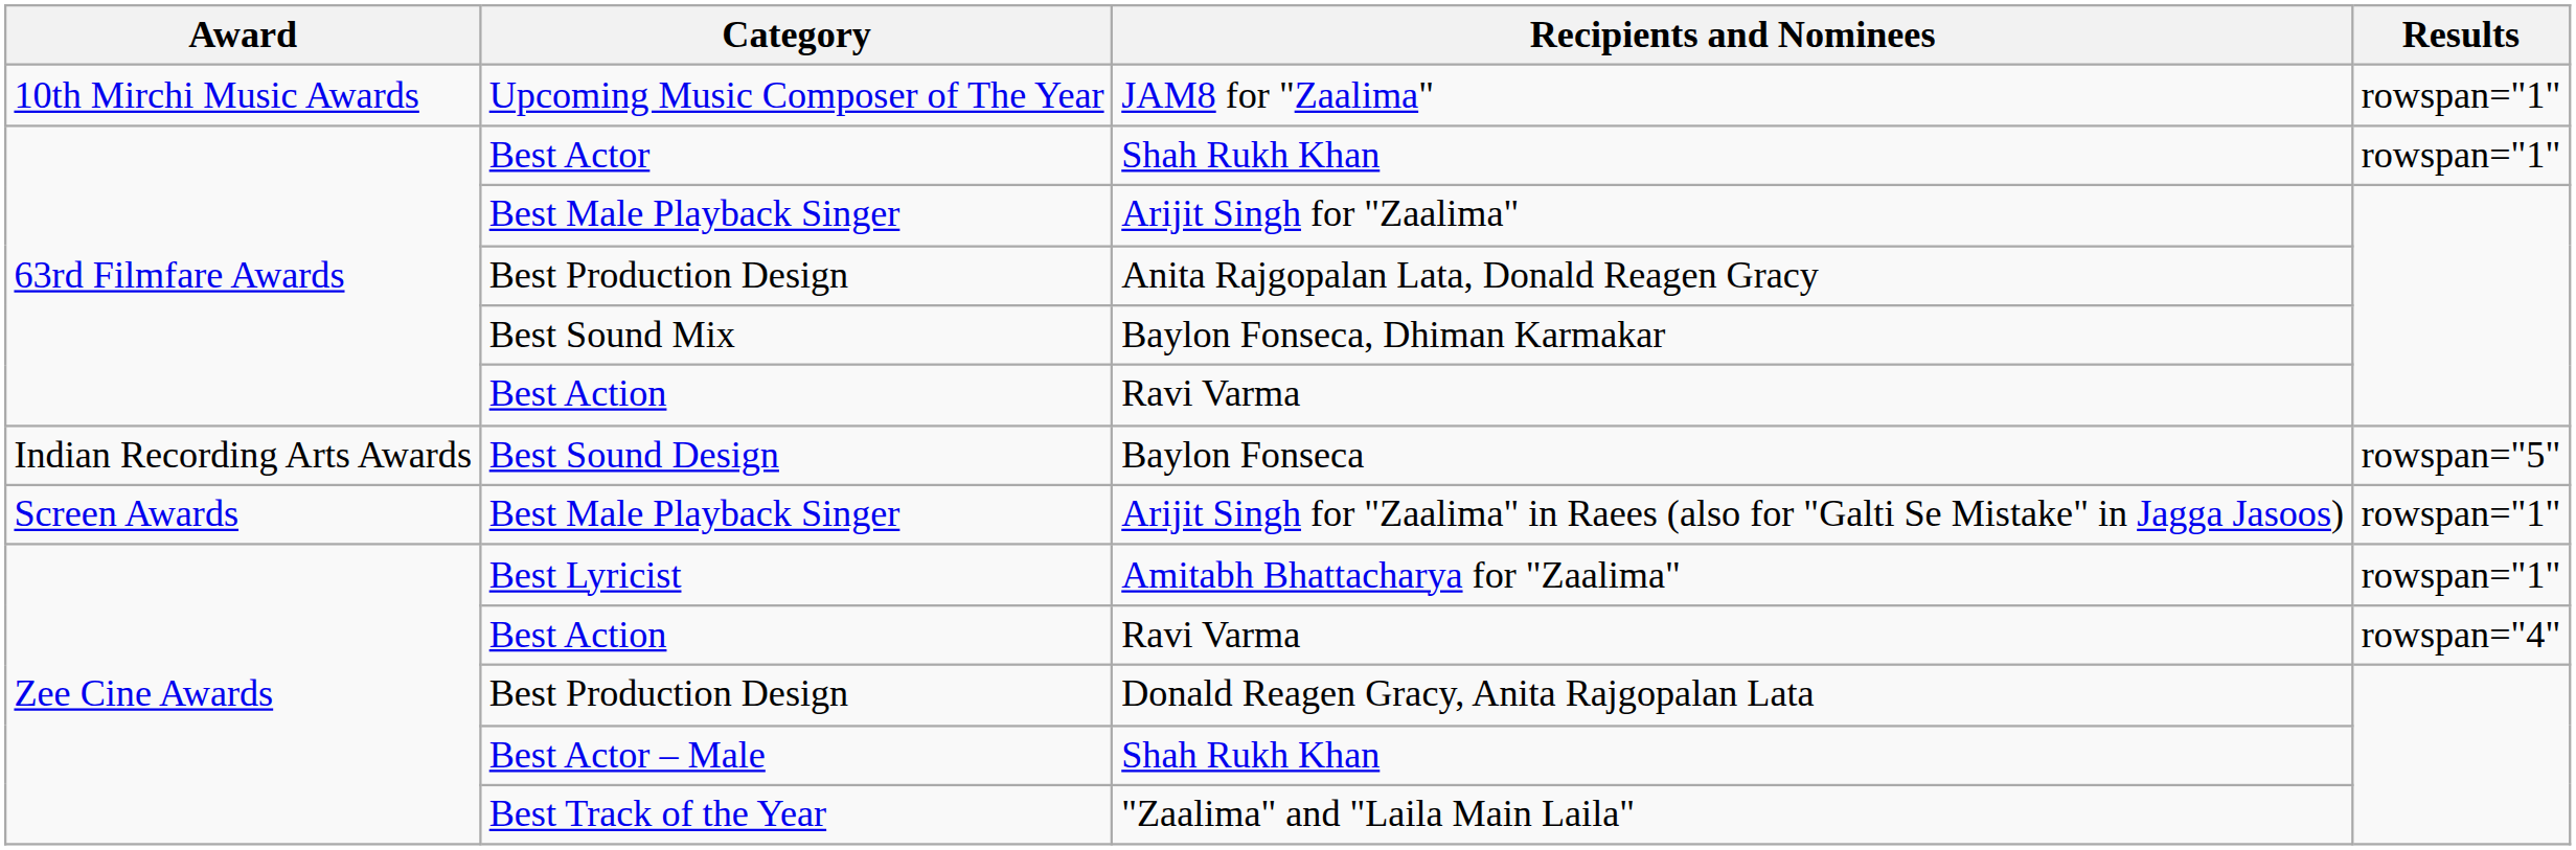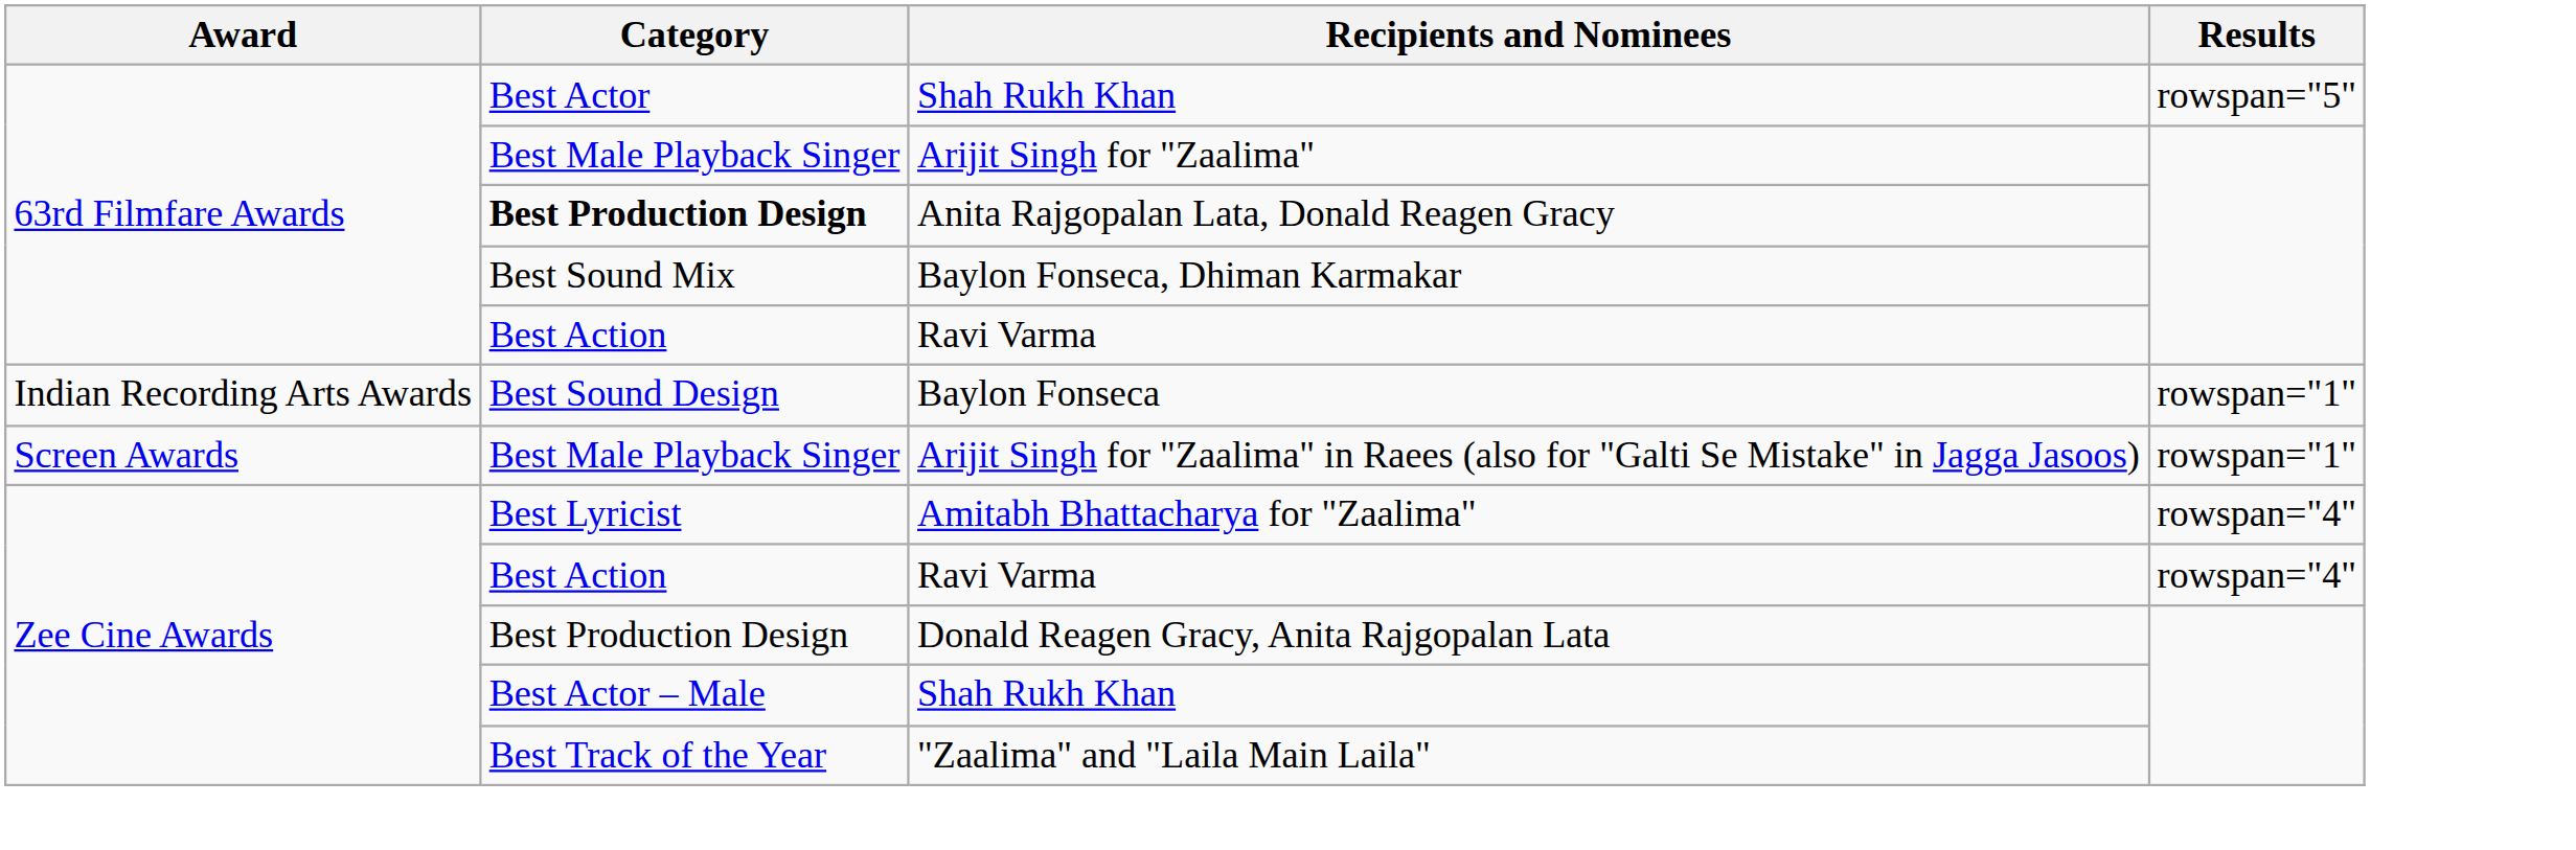 <table class="wikitable plainrowheaders sortable">
 <tr>
 <th>Award</th>
 <th>Category</th>
 <th>Recipients and Nominees</th>
 <th>Results</th>
 </tr>
 <tr>
-<td rowspan="1"><a href='#'>10th Mirchi Music Awards</a></td>
-<td><a href='#'>Upcoming Music Composer of The Year</a></td>
-<td><a href='#'>JAM8</a> for "<a href='#'>Zaalima</a>"</td>
-<td>rowspan="1" </td>
-</tr>
-<tr>
 <td rowspan="5"><a href='#'>63rd Filmfare Awards</a></td>
 <td><a href='#'>Best Actor</a></td>
 <td><a href='#'>Shah Rukh Khan</a></td>
-<td>rowspan="1" </td>
+<td>rowspan="5" </td>
 </tr>
 <tr>
 <td><a href='#'>Best Male Playback Singer</a></td>
 <td><a href='#'>Arijit Singh</a> for "Zaalima"</td>
 </tr>
 <tr>
-<td>Best Production Design</td>
+<td><strong>Best Production Design</strong></td>
 <td>Anita Rajgopalan Lata, Donald Reagen Gracy</td>
 </tr>
 <tr>
 <td>Best Sound Mix</td>
 <td>Baylon Fonseca, Dhiman Karmakar</td>
 </tr>
 <tr>
 <td><a href='#'>Best Action</a></td>
 <td>Ravi Varma</td>
 </tr>
 <tr>
 <td rowspan="1">Indian Recording Arts Awards</td>
 <td><a href='#'>Best Sound Design</a></td>
 <td>Baylon Fonseca</td>
-<td>rowspan="5" </td>
+<td>rowspan="1" </td>
 </tr>
 <tr>
 <td rowspan="1"><a href='#'>Screen Awards</a></td>
 <td><a href='#'>Best Male Playback Singer</a></td>
 <td><a href='#'>Arijit Singh</a> for "Zaalima" in Raees (also for "Galti Se Mistake" in <a href='#'>Jagga Jasoos</a>)</td>
 <td>rowspan="1" </td>
 </tr>
 <tr>
 <td rowspan="5"><a href='#'>Zee Cine Awards</a></td>
 <td><a href='#'>Best Lyricist</a></td>
 <td><a href='#'>Amitabh Bhattacharya</a> for "Zaalima"</td>
-<td>rowspan="1" </td>
+<td>rowspan="4" </td>
 </tr>
 <tr>
 <td><a href='#'>Best Action</a></td>
 <td>Ravi Varma</td>
 <td>rowspan="4" </td>
 </tr>
 <tr>
 <td>Best Production Design</td>
 <td>Donald Reagen Gracy, Anita Rajgopalan Lata</td>
 </tr>
 <tr>
 <td><a href='#'>Best Actor – Male</a></td>
 <td><a href='#'>Shah Rukh Khan</a></td>
 </tr>
 <tr>
 <td><a href='#'>Best Track of the Year</a></td>
 <td>"Zaalima" and "Laila Main Laila"</td>
 </tr>
 </table>
